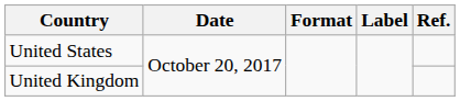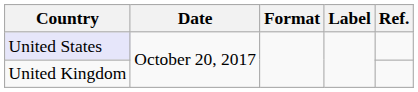 <table class="wikitable plainrowheaders">
 <tr>
 <th scope="col">Country</th>
 <th scope="col">Date</th>
 <th scope="col">Format</th>
 <th scope="col">Label</th>
 <th scope="col">Ref.</th>
 </tr>
 <tr>
-<td>United States</td>
+<td style="background: lavender;">United States</td>
 <td rowspan="2">October 20, 2017</td>
 <td rowspan="2"></td>
 <td rowspan="2"></td>
 <td></td>
 </tr>
 <tr>
 <td>United Kingdom</td>
 <td></td>
 </tr>
 </table>
